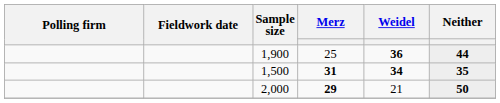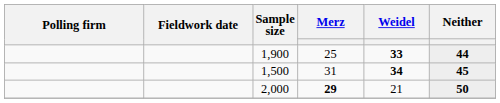 <table class="wikitable sortable mw-datatable" style="text-align:center;font-size:90%;line-height:14px;">
 <tr style="height:40px;">
 <th style="width:155px;" rowspan="2">Polling firm</th>
 <th style="width:120px;" rowspan="2">Fieldwork date</th>
 <th style="width: 35px;" rowspan="2">Sample<br>size</th>
 <th class="unsortable" style="width:70px;"><a href='#'>Merz</a><br></th>
 <th class="unsortable" style="width:70px;"><a href='#'>Weidel</a><br></th>
 <th class="unsortable" style="width:70px;">Neither</th>
 </tr>
 <tr>
 <th style="background:"></th>
 <th style="background:"></th>
 <th style="background:"></th>
 </tr>
 <tr>
 <td></td>
 <td></td>
 <td>1,900</td>
 <td>25</td>
-<td><strong>36</strong></td>
+<td><strong>33</strong></td>
 <td style="background:#EEEEEE;"><strong>44</strong></td>
 </tr>
 <tr>
 <td></td>
 <td></td>
 <td>1,500</td>
-<td><strong>31</strong></td>
+<td>31</td>
 <td><strong>34</strong></td>
-<td style="background:#EEEEEE;"><strong>35</strong></td>
+<td style="background:#EEEEEE;"><strong>45</strong></td>
 </tr>
 <tr>
 <td></td>
 <td></td>
 <td>2,000</td>
 <td><strong>29</strong></td>
 <td>21</td>
 <td style="background:#EEEEEE;"><strong>50</strong></td>
 </tr>
 <tr>
 </tr>
 </table>
